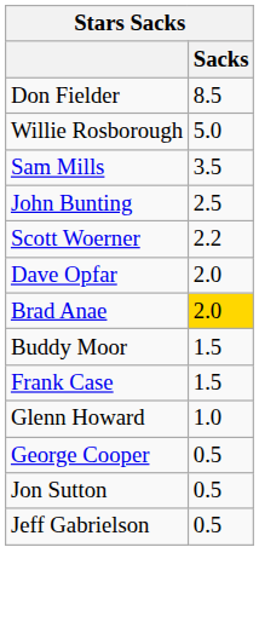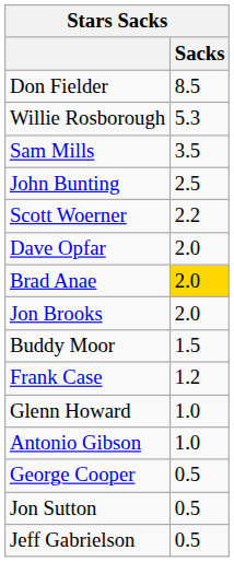 <table class="wikitable">
 <tr>
 <th colspan="2">Stars Sacks</th>
 </tr>
 <tr>
 <th></th>
 <th>Sacks</th>
 </tr>
 <tr>
 <td>Don Fielder</td>
 <td>8.5</td>
 </tr>
 <tr>
 <td>Willie Rosborough</td>
-<td>5.0</td>
+<td>5.3</td>
 </tr>
 <tr>
 <td><a href='#'>Sam Mills</a></td>
 <td>3.5</td>
 </tr>
 <tr>
 <td><a href='#'>John Bunting</a></td>
 <td>2.5</td>
 </tr>
 <tr>
 <td><a href='#'>Scott Woerner</a></td>
 <td>2.2</td>
 </tr>
 <tr>
 <td><a href='#'>Dave Opfar</a></td>
 <td>2.0</td>
 </tr>
 <tr>
 <td><a href='#'>Brad Anae</a></td>
 <td style="background: gold;">2.0</td>
 </tr>
 <tr>
+<td><a href='#'>Jon Brooks</a></td>
+<td>2.0</td>
+</tr>
+<tr>
 <td>Buddy Moor</td>
 <td>1.5</td>
 </tr>
 <tr>
 <td><a href='#'>Frank Case</a></td>
-<td>1.5</td>
+<td>1.2</td>
 </tr>
 <tr>
 <td>Glenn Howard</td>
+<td>1.0</td>
+</tr>
+<tr>
+<td><a href='#'>Antonio Gibson</a></td>
 <td>1.0</td>
 </tr>
 <tr>
 <td><a href='#'>George Cooper</a></td>
 <td>0.5</td>
 </tr>
 <tr>
 <td>Jon Sutton</td>
 <td>0.5</td>
 </tr>
 <tr>
 <td>Jeff Gabrielson</td>
 <td>0.5</td>
 </tr>
 </table>
